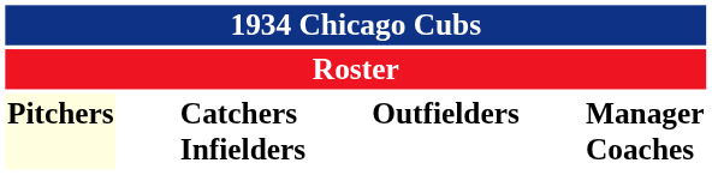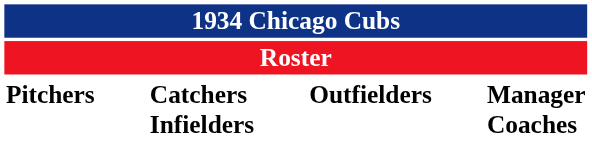 <table class="toccolours" style="font-size: 95%;">
 <tr>
 <th colspan="10" style="background-color: #0e3386; color: white; text-align: center;">1934 Chicago Cubs</th>
 </tr>
 <tr>
 <td colspan="10" style="background-color: #EE1422; color: white; text-align: center;"><strong>Roster</strong></td>
 </tr>
 <tr>
-<td valign="top" style="background: lightyellow;"><strong>Pitchers</strong><br>          </td>
+<td valign="top"><strong>Pitchers</strong><br>          </td>
 <td width="25px"></td>
 <td valign="top"><strong>Catchers</strong><br>    <strong>Infielders</strong>         </td>
 <td width="25px"></td>
 <td valign="top"><strong>Outfielders</strong><br>    </td>
 <td width="25px"></td>
 <td valign="top"><strong>Manager</strong><br> <strong>Coaches</strong>  </td>
 </tr>
 </table>
